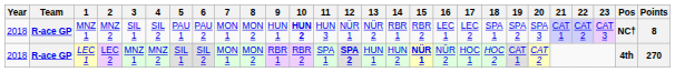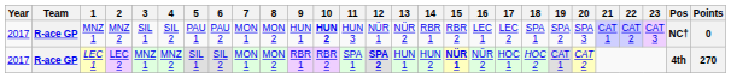 <table class="wikitable" style="text-align:center; font-size:85%">
 <tr>
 <th>Year</th>
 <th>Team</th>
 <th>1</th>
 <th>2</th>
 <th>3</th>
 <th>4</th>
 <th>5</th>
 <th>6</th>
 <th>7</th>
 <th>8</th>
 <th>9</th>
 <th>10</th>
 <th>11</th>
 <th>12</th>
 <th>13</th>
 <th>14</th>
 <th>15</th>
 <th>16</th>
 <th>17</th>
 <th>18</th>
 <th>19</th>
 <th>20</th>
 <th>21</th>
 <th>22</th>
 <th>23</th>
 <th>Pos</th>
 <th>Points</th>
 </tr>
 <tr>
-<td><a href='#'>2018</a></td>
+<td><a href='#'>2017</a></td>
 <th nowrap><a href='#'>R-ace GP</a></th>
 <td><a href='#'>MNZ<br>1</a></td>
 <td><a href='#'>MNZ<br>2</a></td>
 <td><a href='#'>SIL<br>1</a></td>
 <td><a href='#'>SIL<br>2</a></td>
 <td><a href='#'>PAU<br>1</a></td>
 <td><a href='#'>PAU<br>2</a></td>
 <td><a href='#'>MON<br>1</a></td>
 <td><a href='#'>MON<br>2</a></td>
 <td><a href='#'>HUN<br>1</a></td>
 <td><strong><a href='#'>HUN<br>2</a></strong></td>
 <td><a href='#'>HUN<br>3</a></td>
 <td><a href='#'>NÜR<br>1</a></td>
 <td><a href='#'>NÜR<br>2</a></td>
 <td><a href='#'>RBR<br>1</a></td>
 <td><a href='#'>RBR<br>2</a></td>
 <td><a href='#'>LEC<br>1</a></td>
 <td><a href='#'>LEC<br>2</a></td>
 <td><a href='#'>SPA<br>1</a></td>
 <td><a href='#'>SPA<br>2</a></td>
 <td><a href='#'>SPA<br>3</a></td>
 <td style="background:#CFCFFF;"><a href='#'>CAT<br>1</a><br></td>
 <td style="background:#CFCFFF;"><a href='#'>CAT<br>2</a><br></td>
 <td style="background:#EFCFFF;"><a href='#'>CAT<br>3</a><br></td>
 <th style="background:#;">NC†</th>
-<th style="background:#;">8</th>
+<th style="background:#;">0</th>
 </tr>
 <tr>
-<td><a href='#'>2018</a></td>
+<td><a href='#'>2017</a></td>
 <th nowrap><a href='#'>R-ace GP</a></th>
 <td style="background:#FFFFBF;"><em><a href='#'>LEC<br>1</a></em><br></td>
 <td style="background:#EFCFFF;"><a href='#'>LEC<br>2</a><br></td>
 <td style="background:#DFFFDF;"><a href='#'>MNZ<br>1</a><br></td>
 <td style="background:#DFFFDF;"><a href='#'>MNZ<br>2</a><br></td>
 <td style="background:#DFDFDF;"><a href='#'>SIL<br>1</a><br></td>
 <td style="background:#DFDFDF;"><a href='#'>SIL<br>2</a><br></td>
 <td style="background:#DFFFDF;"><a href='#'>MON<br>1</a><br></td>
 <td style="background:#DFFFDF;"><a href='#'>MON<br>2</a><br></td>
 <td style="background:#EFCFFF;"><a href='#'>RBR<br>1</a><br></td>
 <td style="background:#EFCFFF;"><a href='#'>RBR<br>2</a><br></td>
 <td style="background:#DFFFDF;"><a href='#'>SPA<br>1</a><br></td>
 <td style="background:#DFDFDF;"><strong><a href='#'>SPA<br>2</a></strong><br></td>
 <td style="background:#DFFFDF;"><a href='#'>HUN<br>1</a><br></td>
 <td style="background:#DFFFDF;"><a href='#'>HUN<br>2</a><br></td>
 <td style="background:#FFFFBF;"><strong><a href='#'>NÜR<br>1</a></strong><br></td>
 <td style="background:#DFFFDF;"><a href='#'>NÜR<br>2</a><br></td>
 <td style="background:#DFFFDF;"><a href='#'>HOC<br>1</a><br></td>
 <td style="background:#DFFFDF;"><em><a href='#'>HOC<br>2</a></em><br></td>
 <td style="background:#DFDFDF;"><a href='#'>CAT<br>1</a><br></td>
 <td style="background:#FFFFBF;"><em><a href='#'>CAT<br>2</a></em><br></td>
 <td colspan=3></td>
 <th>4th</th>
 <th>270</th>
 </tr>
 </table>
